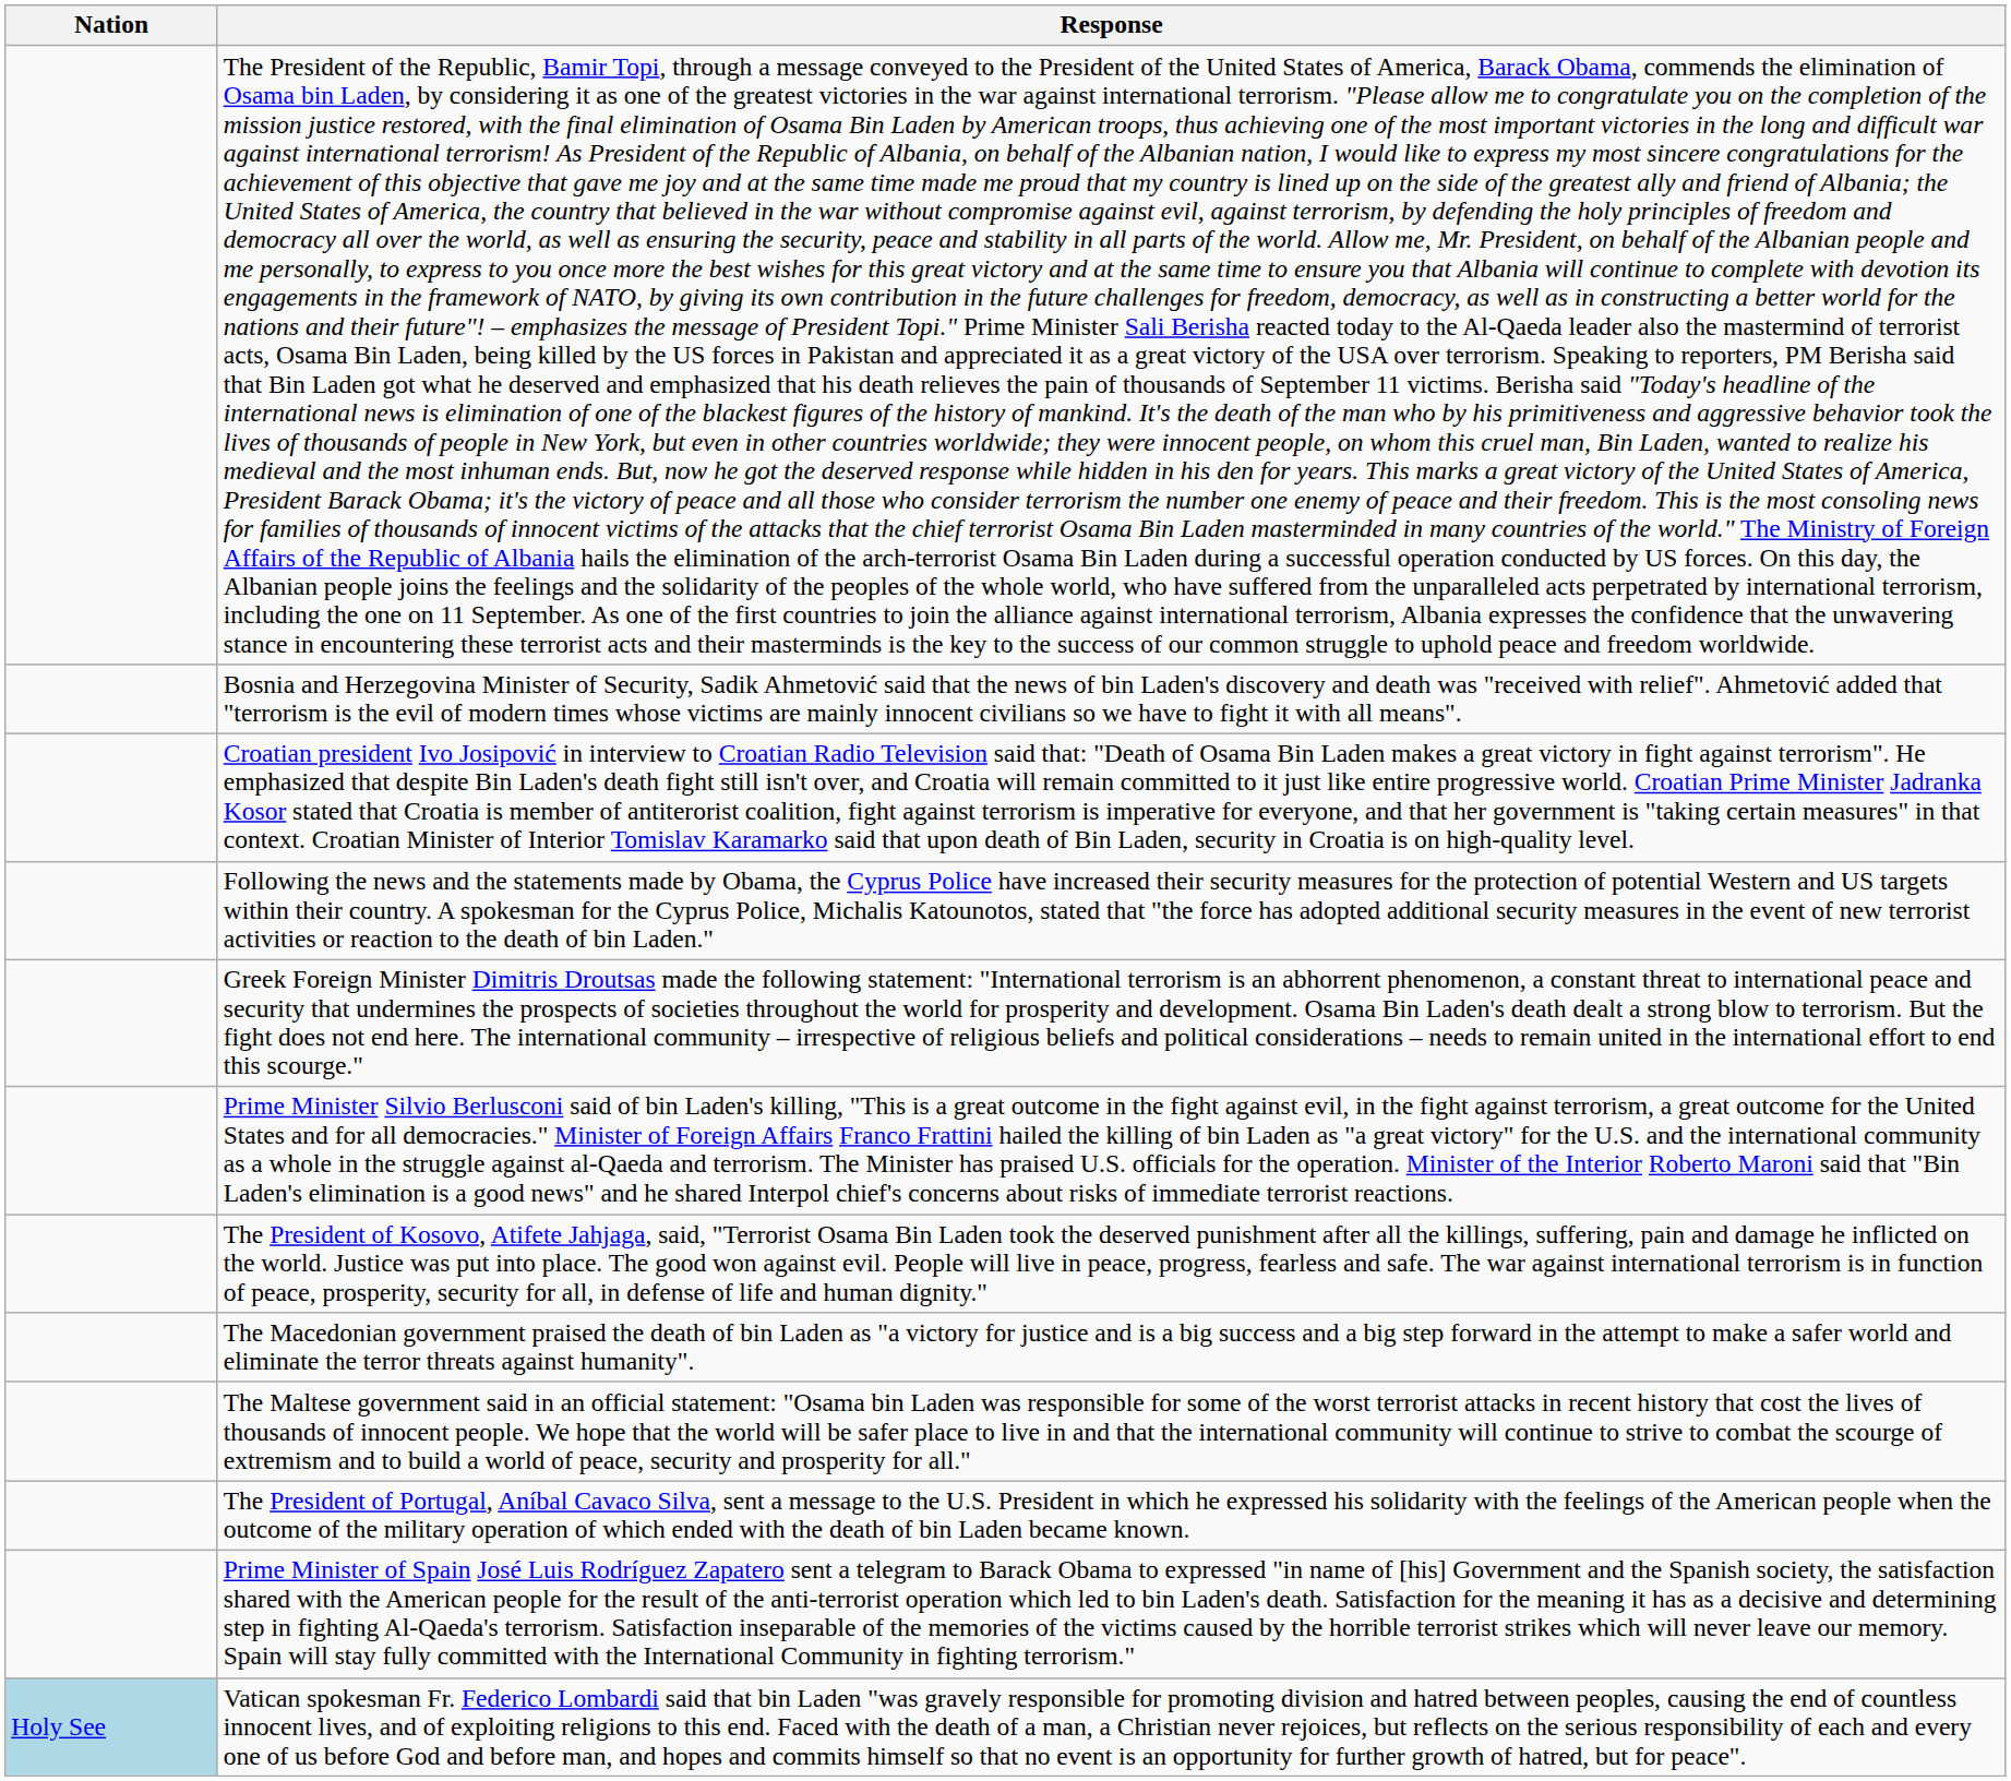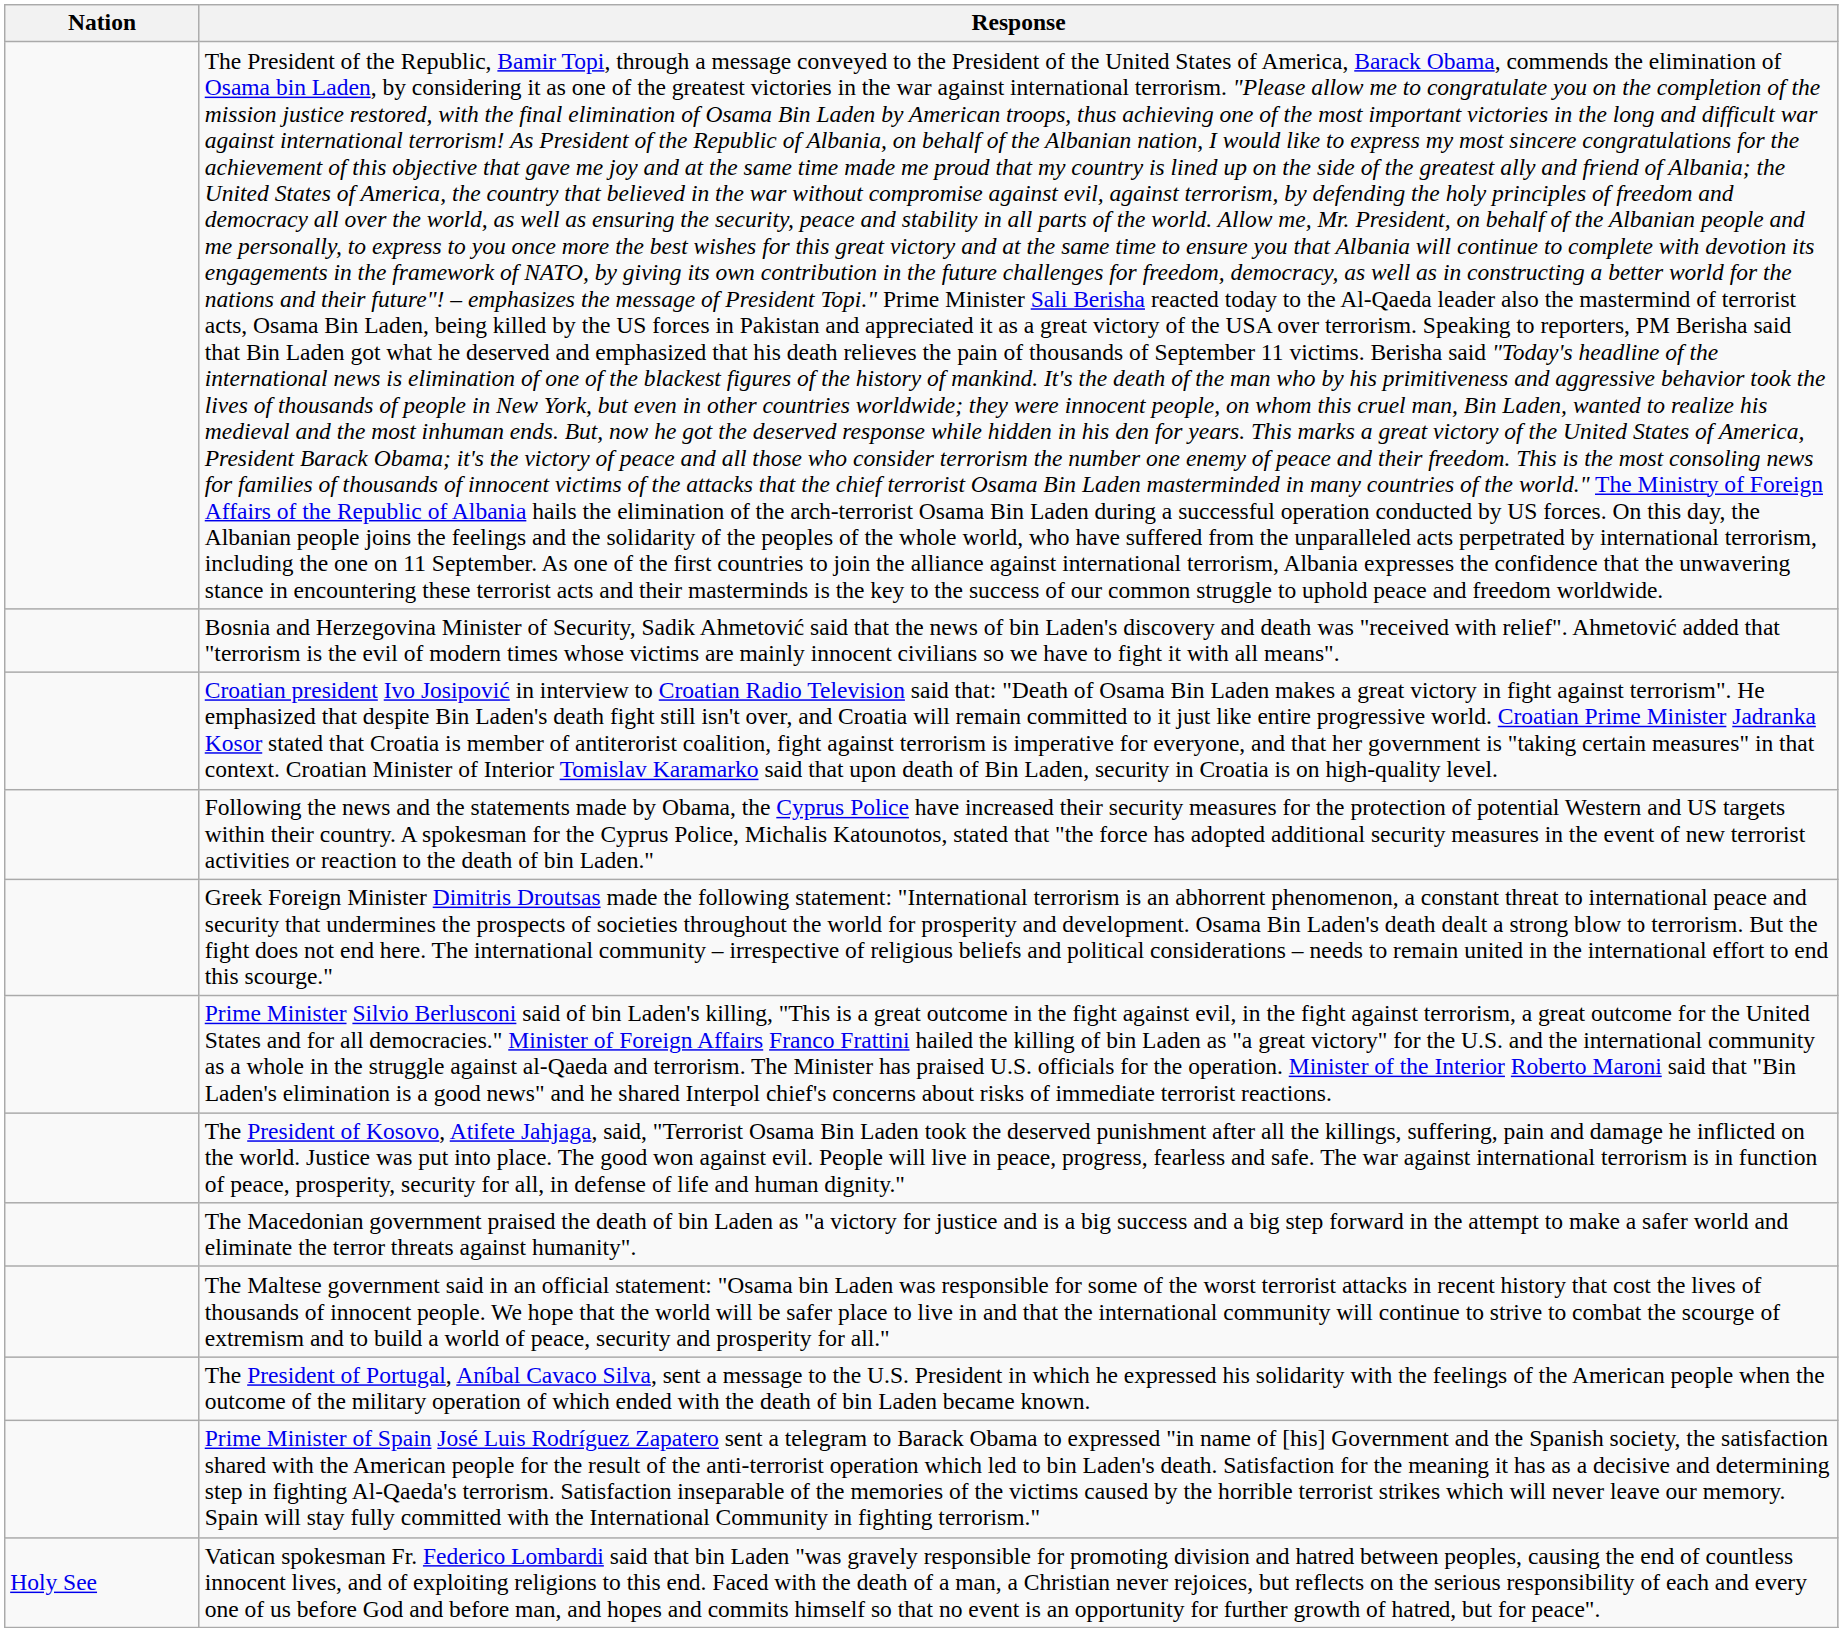 <table class="wikitable">
 <tr>
 <th bgcolor="#efefef" column width=125px>Nation</th>
 <th bgcolor="#efefef" class=unsortable>Response</th>
 </tr>
 <tr>
 <td></td>
 <td>The President of the Republic, <a href='#'>Bamir Topi</a>, through a message conveyed to the President of the United States of America, <a href='#'>Barack Obama</a>, commends the elimination of <a href='#'>Osama bin Laden</a>, by considering it as one of the greatest victories in the war against international terrorism. <em>"Please allow me to congratulate you on the completion of the mission justice restored, with the final elimination of Osama Bin Laden by American troops, thus achieving one of the most important victories in the long and difficult war against international terrorism! As President of the Republic of Albania, on behalf of the Albanian nation, I would like to express my most sincere congratulations for the achievement of this objective that gave me joy and at the same time made me proud that my country is lined up on the side of the greatest ally and friend of Albania; the United States of America, the country that believed in the war without compromise against evil, against terrorism, by defending the holy principles of freedom and democracy all over the world, as well as ensuring the security, peace and stability in all parts of the world. Allow me, Mr. President, on behalf of the Albanian people and me personally, to express to you once more the best wishes for this great victory and at the same time to ensure you that Albania will continue to complete with devotion its engagements in the framework of NATO, by giving its own contribution in the future challenges for freedom, democracy, as well as in constructing a better world for the nations and their future"! – emphasizes the message of President Topi."</em> Prime Minister  <a href='#'>Sali Berisha</a> reacted today to the Al-Qaeda leader also the mastermind of terrorist acts, Osama Bin Laden, being killed by the US forces in Pakistan and appreciated it as a great victory of the USA over terrorism. Speaking to reporters, PM Berisha said that Bin Laden got what he deserved and emphasized that his death relieves the pain of thousands of September 11 victims. Berisha said <em>"Today's headline of the international news is elimination of one of the blackest figures of the history of mankind. It's the death of the man who by his primitiveness and aggressive behavior took the lives of thousands of people in New York, but even in other countries worldwide; they were innocent people, on whom this cruel man, Bin Laden, wanted to realize his medieval and the most inhuman ends. But, now he got the deserved response while hidden in his den for years. This marks a great victory of the United States of America, President Barack Obama; it's the victory of peace and all those who consider terrorism the number one enemy of peace and their freedom. This is the most consoling news for families of thousands of innocent victims of the attacks that the chief terrorist Osama Bin Laden masterminded in many countries of the world."</em> <a href='#'>The Ministry of Foreign Affairs of the Republic of Albania</a> hails the elimination of the arch-terrorist Osama Bin Laden during a successful operation conducted by US forces. On this day, the Albanian people joins the feelings and the solidarity of the peoples of the whole world, who have suffered from the unparalleled acts perpetrated by international terrorism, including the one on 11 September. As one of the first countries to join the alliance against international terrorism, Albania expresses the confidence that the unwavering stance in encountering these terrorist acts and their masterminds is the key to the success of our common struggle to uphold peace and freedom worldwide.</td>
 </tr>
 <tr>
 <td></td>
 <td>Bosnia and Herzegovina Minister of Security, Sadik Ahmetović said that the news of bin Laden's discovery and death was "received with relief". Ahmetović added that "terrorism is the evil of modern times whose victims are mainly innocent civilians so we have to fight it with all means".</td>
 </tr>
 <tr>
 <td></td>
 <td><a href='#'>Croatian president</a> <a href='#'>Ivo Josipović</a> in interview to <a href='#'>Croatian Radio Television</a> said that: "Death of Osama Bin Laden makes a great victory in fight against terrorism". He emphasized that despite Bin Laden's death fight still isn't over, and Croatia will remain committed to it just like entire progressive world. <a href='#'>Croatian Prime Minister</a> <a href='#'>Jadranka Kosor</a> stated that Croatia is member of antiterorist coalition, fight against terrorism is imperative for everyone, and that her government is "taking certain measures" in that context. Croatian Minister of Interior <a href='#'>Tomislav Karamarko</a> said that upon death of Bin Laden, security in Croatia is on high-quality level.</td>
 </tr>
 <tr>
 <td></td>
 <td>Following the news and the statements made by Obama, the <a href='#'>Cyprus Police</a> have increased their security measures for the protection of potential Western and US targets within their country. A spokesman for the Cyprus Police, Michalis Katounotos, stated that "the force has adopted additional security measures in the event of new terrorist activities or reaction to the death of bin Laden."</td>
 </tr>
 <tr>
 <td></td>
 <td>Greek Foreign Minister <a href='#'>Dimitris Droutsas</a> made the following statement: "International terrorism is an abhorrent phenomenon, a constant threat to international peace and security that undermines the prospects of societies throughout the world for prosperity and development. Osama Bin Laden's death dealt a strong blow to terrorism. But the fight does not end here. The international community – irrespective of religious beliefs and political considerations – needs to remain united in the international effort to end this scourge."</td>
 </tr>
 <tr>
 <td></td>
 <td><a href='#'>Prime Minister</a> <a href='#'>Silvio Berlusconi</a> said of bin Laden's killing, "This is a great outcome in the fight against evil, in the fight against terrorism, a great outcome for the United States and for all democracies." <a href='#'>Minister of Foreign Affairs</a> <a href='#'>Franco Frattini</a> hailed the killing of bin Laden as "a great victory" for the U.S. and the international community as a whole in the struggle against al-Qaeda and terrorism. The Minister has praised U.S. officials for the operation. <a href='#'>Minister of the Interior</a> <a href='#'>Roberto Maroni</a> said that "Bin Laden's elimination is a good news" and he shared Interpol chief's concerns about risks of immediate terrorist reactions.</td>
 </tr>
 <tr>
 <td></td>
 <td>The <a href='#'>President of Kosovo</a>, <a href='#'>Atifete Jahjaga</a>, said, "Terrorist Osama Bin Laden took the deserved punishment after all the killings, suffering, pain and damage he inflicted on the world. Justice was put into place. The good won against evil. People will live in peace, progress, fearless and safe. The war against international terrorism is in function of peace, prosperity, security for all, in defense of life and human dignity."</td>
 </tr>
 <tr>
 <td></td>
 <td>The Macedonian government praised the death of bin Laden as "a victory for justice and is a big success and a big step forward in the attempt to make a safer world and eliminate the terror threats against humanity".</td>
 </tr>
 <tr>
 <td></td>
 <td>The Maltese government said in an official statement: "Osama bin Laden was responsible for some of the worst terrorist attacks in recent history that cost the lives of thousands of innocent people. We hope that the world will be safer place to live in and that the international community will continue to strive to combat the scourge of extremism and to build a world of peace, security and prosperity for all."</td>
 </tr>
 <tr>
 <td></td>
 <td>The <a href='#'>President of Portugal</a>, <a href='#'>Aníbal Cavaco Silva</a>, sent a message to the U.S. President in which he expressed his solidarity with the feelings of the American people when the outcome of the military operation of which ended with the death of bin Laden became known.</td>
 </tr>
 <tr>
 <td></td>
 <td><a href='#'>Prime Minister of Spain</a> <a href='#'>José Luis Rodríguez Zapatero</a> sent a telegram to Barack Obama to expressed "in name of [his] Government and the Spanish society, the satisfaction shared with the American people for the result of the anti-terrorist operation which led to bin Laden's death. Satisfaction for the meaning it has as a decisive and determining step in fighting Al-Qaeda's terrorism. Satisfaction inseparable of the memories of the victims caused by the horrible terrorist strikes which will never leave our memory. Spain will stay fully committed with the International Community in fighting terrorism."</td>
 </tr>
 <tr>
-<td style="background: lightblue;"> <a href='#'>Holy See</a></td>
+<td> <a href='#'>Holy See</a></td>
 <td>Vatican spokesman Fr. <a href='#'>Federico Lombardi</a> said that bin Laden "was gravely responsible for promoting division and hatred between peoples, causing the end of countless innocent lives, and of exploiting religions to this end. Faced with the death of a man, a Christian never rejoices, but reflects on the serious responsibility of each and every one of us before God and before man, and hopes and commits himself so that no event is an opportunity for further growth of hatred, but for peace".</td>
 </tr>
 <tr>
 </tr>
 </table>
